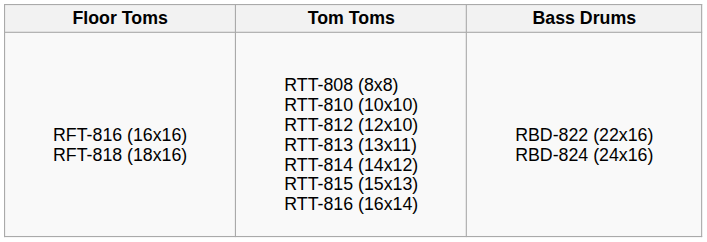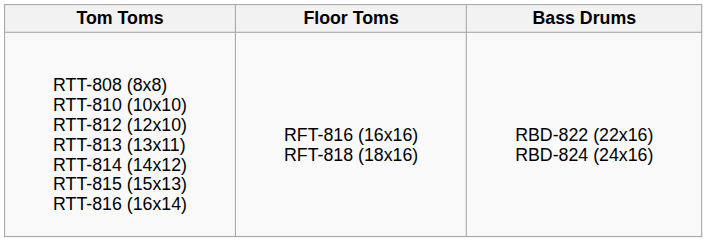 <table class="wikitable">
 <tr>
+<th>Tom Toms</th>
 <th>Floor Toms</th>
-<th>Tom Toms</th>
 <th>Bass Drums</th>
 </tr>
 <tr>
+<td><blockquote><br>RTT-808 (8x8)<br> RTT-810 (10x10)<br> RTT-812 (12x10)<br> RTT-813 (13x11)<br> RTT-814 (14x12)<br> RTT-815 (15x13)<br> RTT-816 (16x14)<br> </blockquote></td>
 <td><blockquote><br>RFT-816 (16x16)<br> RFT-818 (18x16)<br> </blockquote></td>
-<td><blockquote><br>RTT-808 (8x8)<br> RTT-810 (10x10)<br> RTT-812 (12x10)<br> RTT-813 (13x11)<br> RTT-814 (14x12)<br> RTT-815 (15x13)<br> RTT-816 (16x14)<br> </blockquote></td>
 <td><blockquote><br>RBD-822 (22x16)<br> RBD-824 (24x16)<br> </blockquote></td>
 </tr>
 </table>
